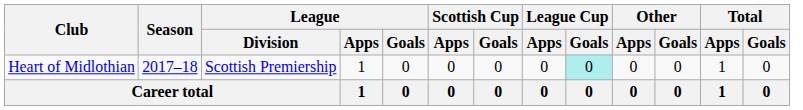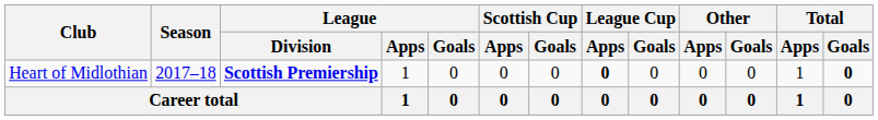 <table class=wikitable style="text-align: center">
 <tr>
 <th rowspan=2>Club</th>
 <th rowspan=2>Season</th>
 <th colspan=3>League</th>
 <th colspan=2>Scottish Cup</th>
 <th colspan=2>League Cup</th>
 <th colspan=2>Other</th>
 <th colspan=2>Total</th>
 </tr>
 <tr>
 <th>Division</th>
 <th>Apps</th>
 <th>Goals</th>
 <th>Apps</th>
 <th>Goals</th>
 <th>Apps</th>
 <th>Goals</th>
 <th>Apps</th>
 <th>Goals</th>
 <th>Apps</th>
 <th>Goals</th>
 </tr>
 <tr>
 <td rowspan=1><a href='#'>Heart of Midlothian</a></td>
 <td><a href='#'>2017–18</a></td>
-<td><a href='#'>Scottish Premiership</a></td>
+<td><strong><a href='#'>Scottish Premiership</a></strong></td>
 <td>1</td>
 <td>0</td>
 <td>0</td>
 <td>0</td>
+<td><strong>0</strong></td>
 <td>0</td>
-<td style="background: paleturquoise;">0</td>
 <td>0</td>
 <td>0</td>
 <td>1</td>
-<td>0</td>
+<td><strong>0</strong></td>
 </tr>
 <tr>
 <th colspan=3>Career total</th>
 <th>1</th>
 <th>0</th>
 <th>0</th>
 <th>0</th>
 <th>0</th>
 <th>0</th>
 <th>0</th>
 <th>0</th>
 <th>1</th>
 <th>0</th>
 </tr>
 </table>
